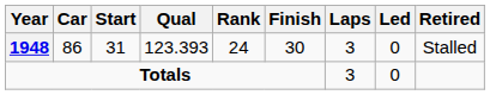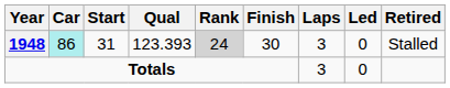 <table class="wikitable" style="text-align:center">
 <tr>
 <th>Year</th>
 <th>Car</th>
 <th>Start</th>
 <th>Qual</th>
 <th>Rank</th>
 <th>Finish</th>
 <th>Laps</th>
 <th>Led</th>
 <th>Retired</th>
 </tr>
 <tr>
 <th><a href='#'>1948</a></th>
-<td>86</td>
+<td style="background: paleturquoise;">86</td>
 <td>31</td>
 <td>123.393</td>
-<td>24</td>
+<td style="background: lightgrey;">24</td>
 <td>30</td>
 <td>3</td>
 <td>0</td>
 <td>Stalled</td>
 </tr>
 <tr>
 <td colspan=6><strong>Totals</strong></td>
 <td>3</td>
 <td>0</td>
 <td></td>
 </tr>
 </table>
